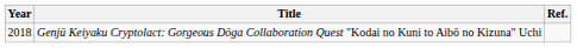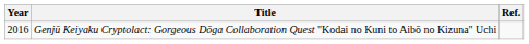 <table class="wikitable">
 <tr>
 <th>Year</th>
 <th>Title</th>
 <th>Ref.</th>
 </tr>
 <tr>
-<td>2018</td>
+<td>2016</td>
 <td><em>Genjū Keiyaku Cryptolact: Gorgeous Dōga Collaboration Quest</em> "Kodai no Kuni to Aibō no Kizuna" Uchi</td>
 <td></td>
 </tr>
 </table>
